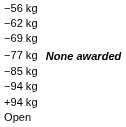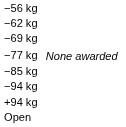 <table>
 <tr>
 <td rowspan=2>−56 kg</td>
 <td rowspan=2></td>
 <td rowspan=2></td>
 <td></td>
 </tr>
 <tr>
 <td></td>
 </tr>
 <tr>
 <td rowspan=2>−62 kg</td>
 <td rowspan=2></td>
 <td rowspan=2></td>
 <td></td>
 </tr>
 <tr>
 <td></td>
 </tr>
 <tr>
 <td rowspan=2>−69 kg</td>
 <td rowspan=2></td>
 <td rowspan=2></td>
 <td></td>
 </tr>
 <tr>
 <td></td>
 </tr>
 <tr>
 <td rowspan=2>−77 kg</td>
 <td rowspan=2></td>
 <td rowspan=2></td>
 <td></td>
 </tr>
 <tr>
-<td><strong><em>None awarded</em></strong></td>
+<td><em>None awarded</em></td>
 </tr>
 <tr>
 <td rowspan=2>−85 kg</td>
 <td rowspan=2></td>
 <td rowspan=2></td>
 <td></td>
 </tr>
 <tr>
 <td></td>
 </tr>
 <tr>
 <td rowspan=2>−94 kg</td>
 <td rowspan=2></td>
 <td rowspan=2></td>
 <td></td>
 </tr>
 <tr>
 <td></td>
 </tr>
 <tr>
 <td rowspan=2>+94 kg</td>
 <td rowspan=2></td>
 <td rowspan=2></td>
 <td></td>
 </tr>
 <tr>
 <td></td>
 </tr>
 <tr>
 <td rowspan=2>Open</td>
 <td rowspan=2></td>
 <td rowspan=2></td>
 <td></td>
 </tr>
 <tr>
 <td></td>
 </tr>
 </table>
